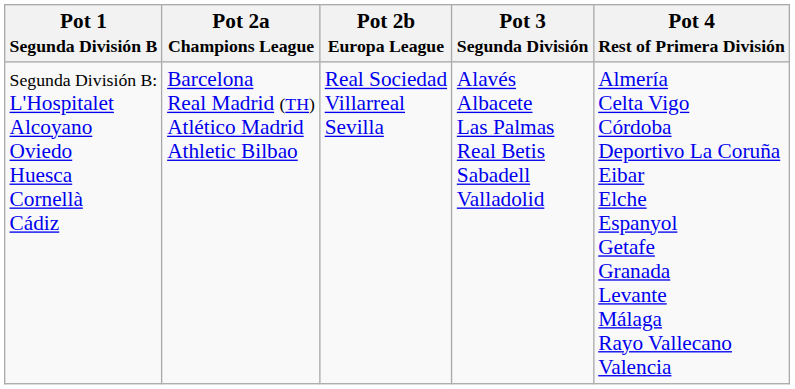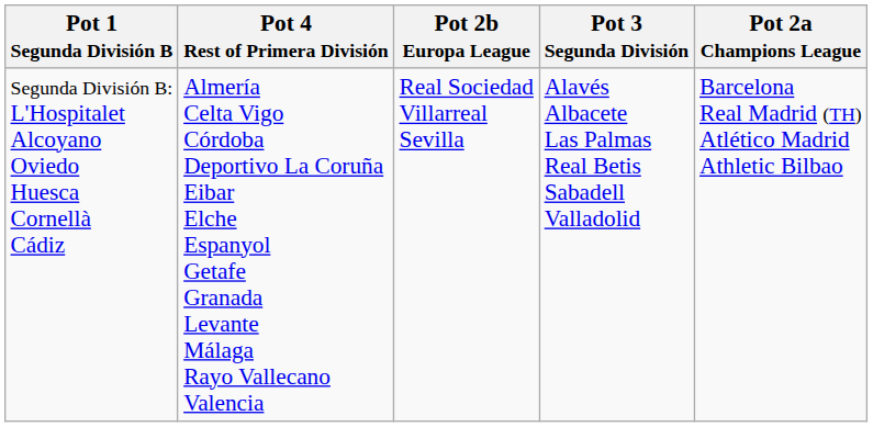 <table class="wikitable">
 <tr>
 <th>Pot 1<br><small>Segunda División B</small></th>
-<th>Pot 2a<br><small>Champions League</small></th>
+<th>Pot 4<br><small>Rest of Primera División</small></th>
 <th>Pot 2b<br><small>Europa League</small></th>
 <th>Pot 3<br><small>Segunda División</small></th>
-<th>Pot 4<br><small>Rest of Primera División</small></th>
+<th>Pot 2a<br><small>Champions League</small></th>
 </tr>
 <tr>
 <td valign=top><small>Segunda División B:</small><br><a href='#'>L'Hospitalet</a><br><a href='#'>Alcoyano</a><br><a href='#'>Oviedo</a><br><a href='#'>Huesca</a><br><a href='#'>Cornellà</a><br><a href='#'>Cádiz</a></td>
-<td valign=top><a href='#'>Barcelona</a><br><a href='#'>Real Madrid</a> <small>(<a href='#'>TH</a>)</small><br><a href='#'>Atlético Madrid</a><br><a href='#'>Athletic Bilbao</a></td>
+<td valign=top><a href='#'>Almería</a><br><a href='#'>Celta Vigo</a><br><a href='#'>Córdoba</a><br><a href='#'>Deportivo La Coruña</a><br><a href='#'>Eibar</a><br><a href='#'>Elche</a><br><a href='#'>Espanyol</a><br><a href='#'>Getafe</a><br><a href='#'>Granada</a><br><a href='#'>Levante</a><br><a href='#'>Málaga</a><br><a href='#'>Rayo Vallecano</a><br><a href='#'>Valencia</a></td>
 <td valign=top><a href='#'>Real Sociedad</a><br><a href='#'>Villarreal</a><br><a href='#'>Sevilla</a></td>
 <td valign=top><a href='#'>Alavés</a><br><a href='#'>Albacete</a><br><a href='#'>Las Palmas</a><br><a href='#'>Real Betis</a><br><a href='#'>Sabadell</a><br><a href='#'>Valladolid</a></td>
-<td valign=top><a href='#'>Almería</a><br><a href='#'>Celta Vigo</a><br><a href='#'>Córdoba</a><br><a href='#'>Deportivo La Coruña</a><br><a href='#'>Eibar</a><br><a href='#'>Elche</a><br><a href='#'>Espanyol</a><br><a href='#'>Getafe</a><br><a href='#'>Granada</a><br><a href='#'>Levante</a><br><a href='#'>Málaga</a><br><a href='#'>Rayo Vallecano</a><br><a href='#'>Valencia</a></td>
+<td valign=top><a href='#'>Barcelona</a><br><a href='#'>Real Madrid</a> <small>(<a href='#'>TH</a>)</small><br><a href='#'>Atlético Madrid</a><br><a href='#'>Athletic Bilbao</a></td>
 </tr>
 </table>
